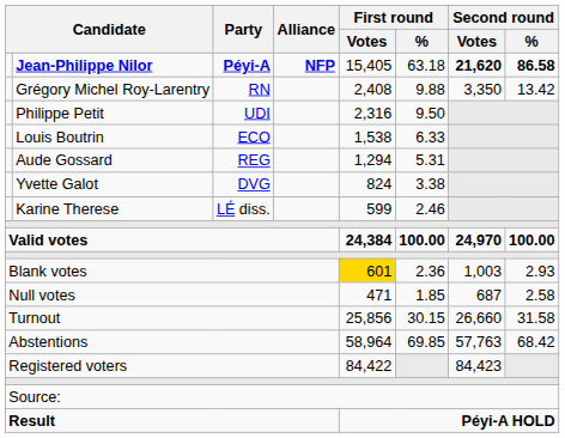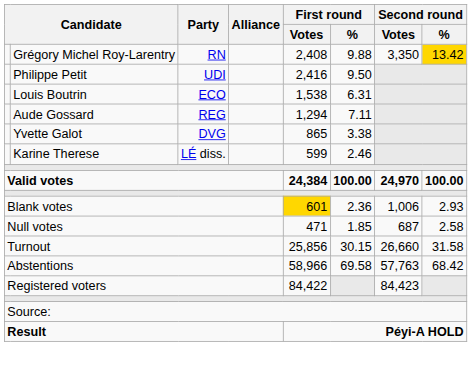 <table class="wikitable" style="text-align:right;font-size:95%;">
 <tr>
 <th colspan="2" rowspan="2">Candidate</th>
 <th colspan="1" rowspan="2">Party</th>
 <th colspan="1" rowspan="2">Alliance</th>
 <th colspan="2">First round</th>
 <th colspan="2">Second round</th>
 </tr>
 <tr>
 <th style="width:50px;">Votes</th>
 <th style="width:45px;">%</th>
 <th style="width:50px;">Votes</th>
 <th style="width:45px;">%</th>
 </tr>
 <tr>
 <td style="color:inherit;background:"></td>
-<td style="text-align:left;"><strong><a href='#'>Jean-Philippe Nilor</a></strong></td>
-<td><strong><a href='#'>Péyi-A</a></strong></td>
-<td><a href='#'><strong>NFP</strong></a></td>
-<td>15,405</td>
-<td>63.18</td>
-<td><strong>21,620</strong></td>
-<td><strong>86.58</strong></td>
-</tr>
-<tr>
-<td style="color:inherit;background:"></td>
 <td style="text-align:left;">Grégory Michel Roy-Larentry</td>
 <td><a href='#'>RN</a></td>
 <td></td>
 <td>2,408</td>
 <td>9.88</td>
 <td>3,350</td>
-<td>13.42</td>
+<td style="background: gold;">13.42</td>
 </tr>
 <tr>
 <td style="color:inherit;background:"></td>
 <td style="text-align:left;">Philippe Petit</td>
 <td><a href='#'>UDI</a></td>
 <td></td>
-<td>2,316</td>
+<td>2,416</td>
 <td>9.50</td>
 <td colspan="2" rowspan="1" style="background:#E9E9E9;"></td>
 </tr>
 <tr>
 <td style="color:inherit;background:"></td>
 <td style="text-align:left;">Louis Boutrin</td>
 <td><a href='#'>ECO</a></td>
 <td></td>
 <td>1,538</td>
-<td>6.33</td>
+<td>6.31</td>
 <td colspan="2" rowspan="1" style="background:#E9E9E9;"></td>
 </tr>
 <tr>
 <td style="color:inherit;background:"></td>
 <td style="text-align:left;">Aude Gossard</td>
 <td><a href='#'>REG</a></td>
 <td></td>
 <td>1,294</td>
-<td>5.31</td>
+<td>7.11</td>
 <td colspan="2" rowspan="1" style="background:#E9E9E9;"></td>
 </tr>
 <tr>
 <td style="color:inherit;background:"></td>
 <td style="text-align:left;">Yvette Galot</td>
 <td><a href='#'>DVG</a></td>
 <td></td>
-<td>824</td>
+<td>865</td>
 <td>3.38</td>
 <td colspan="2" rowspan="1" style="background:#E9E9E9;"></td>
 </tr>
 <tr>
 <td style="color:inherit;background:"></td>
 <td style="text-align:left;">Karine Therese</td>
 <td><a href='#'>LÉ</a> diss.</td>
 <td></td>
 <td>599</td>
 <td>2.46</td>
 <td colspan="2" rowspan="1" style="background:#E9E9E9;"></td>
 </tr>
 <tr>
 <td colspan="8" style="background:#E9E9E9;"></td>
 </tr>
 <tr style="font-weight:bold;">
 <td colspan="4" style="text-align:left;">Valid votes</td>
 <td>24,384</td>
 <td>100.00</td>
 <td>24,970</td>
 <td>100.00</td>
 </tr>
 <tr>
 <td colspan="8" style="background:#E9E9E9;"></td>
 </tr>
 <tr>
 <td colspan="4" style="text-align:left;">Blank votes</td>
 <td style="background: gold;">601</td>
 <td>2.36</td>
-<td>1,003</td>
+<td>1,006</td>
 <td>2.93</td>
 </tr>
 <tr>
 <td colspan="4" style="text-align:left;">Null votes</td>
 <td>471</td>
 <td>1.85</td>
 <td>687</td>
 <td>2.58</td>
 </tr>
 <tr>
 <td colspan="4" style="text-align:left;">Turnout</td>
 <td>25,856</td>
 <td>30.15</td>
 <td>26,660</td>
 <td>31.58</td>
 </tr>
 <tr>
 <td colspan="4" style="text-align:left;">Abstentions</td>
-<td>58,964</td>
-<td>69.85</td>
+<td>58,966</td>
+<td>69.58</td>
 <td>57,763</td>
 <td>68.42</td>
 </tr>
 <tr>
 <td colspan="4" style="text-align:left;">Registered voters</td>
 <td>84,422</td>
 <td style="background:#E9E9E9;"></td>
 <td>84,423</td>
 <td style="background:#E9E9E9;"></td>
 </tr>
 <tr>
 <td colspan="8" style="background:#E9E9E9;"></td>
 </tr>
 <tr>
 <td colspan="8" style="text-align:left;">Source: </td>
 </tr>
 <tr style="font-weight:bold">
 <td colspan="4" style="text-align:left;">Result</td>
 <td colspan="4" style="background-color:">Péyi-A HOLD</td>
 </tr>
 </table>
